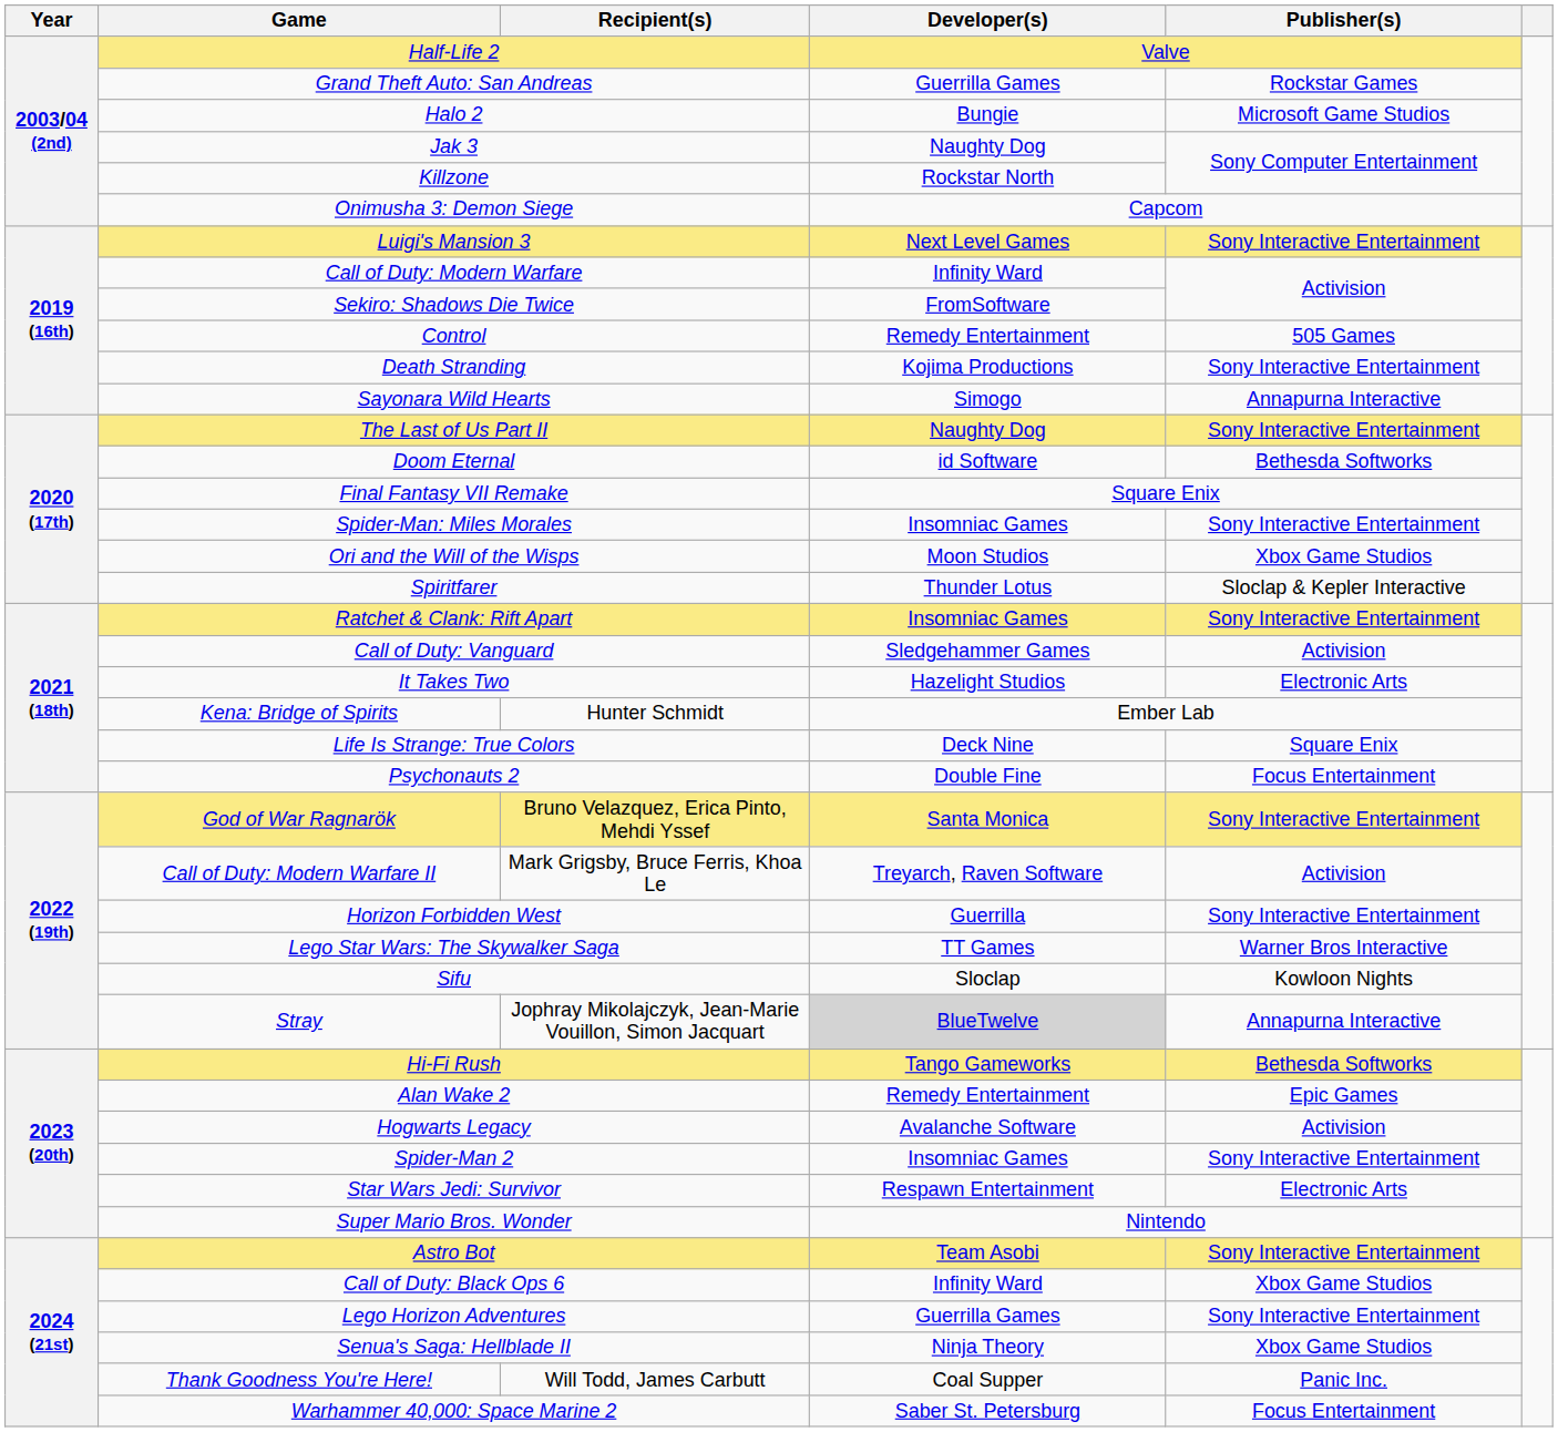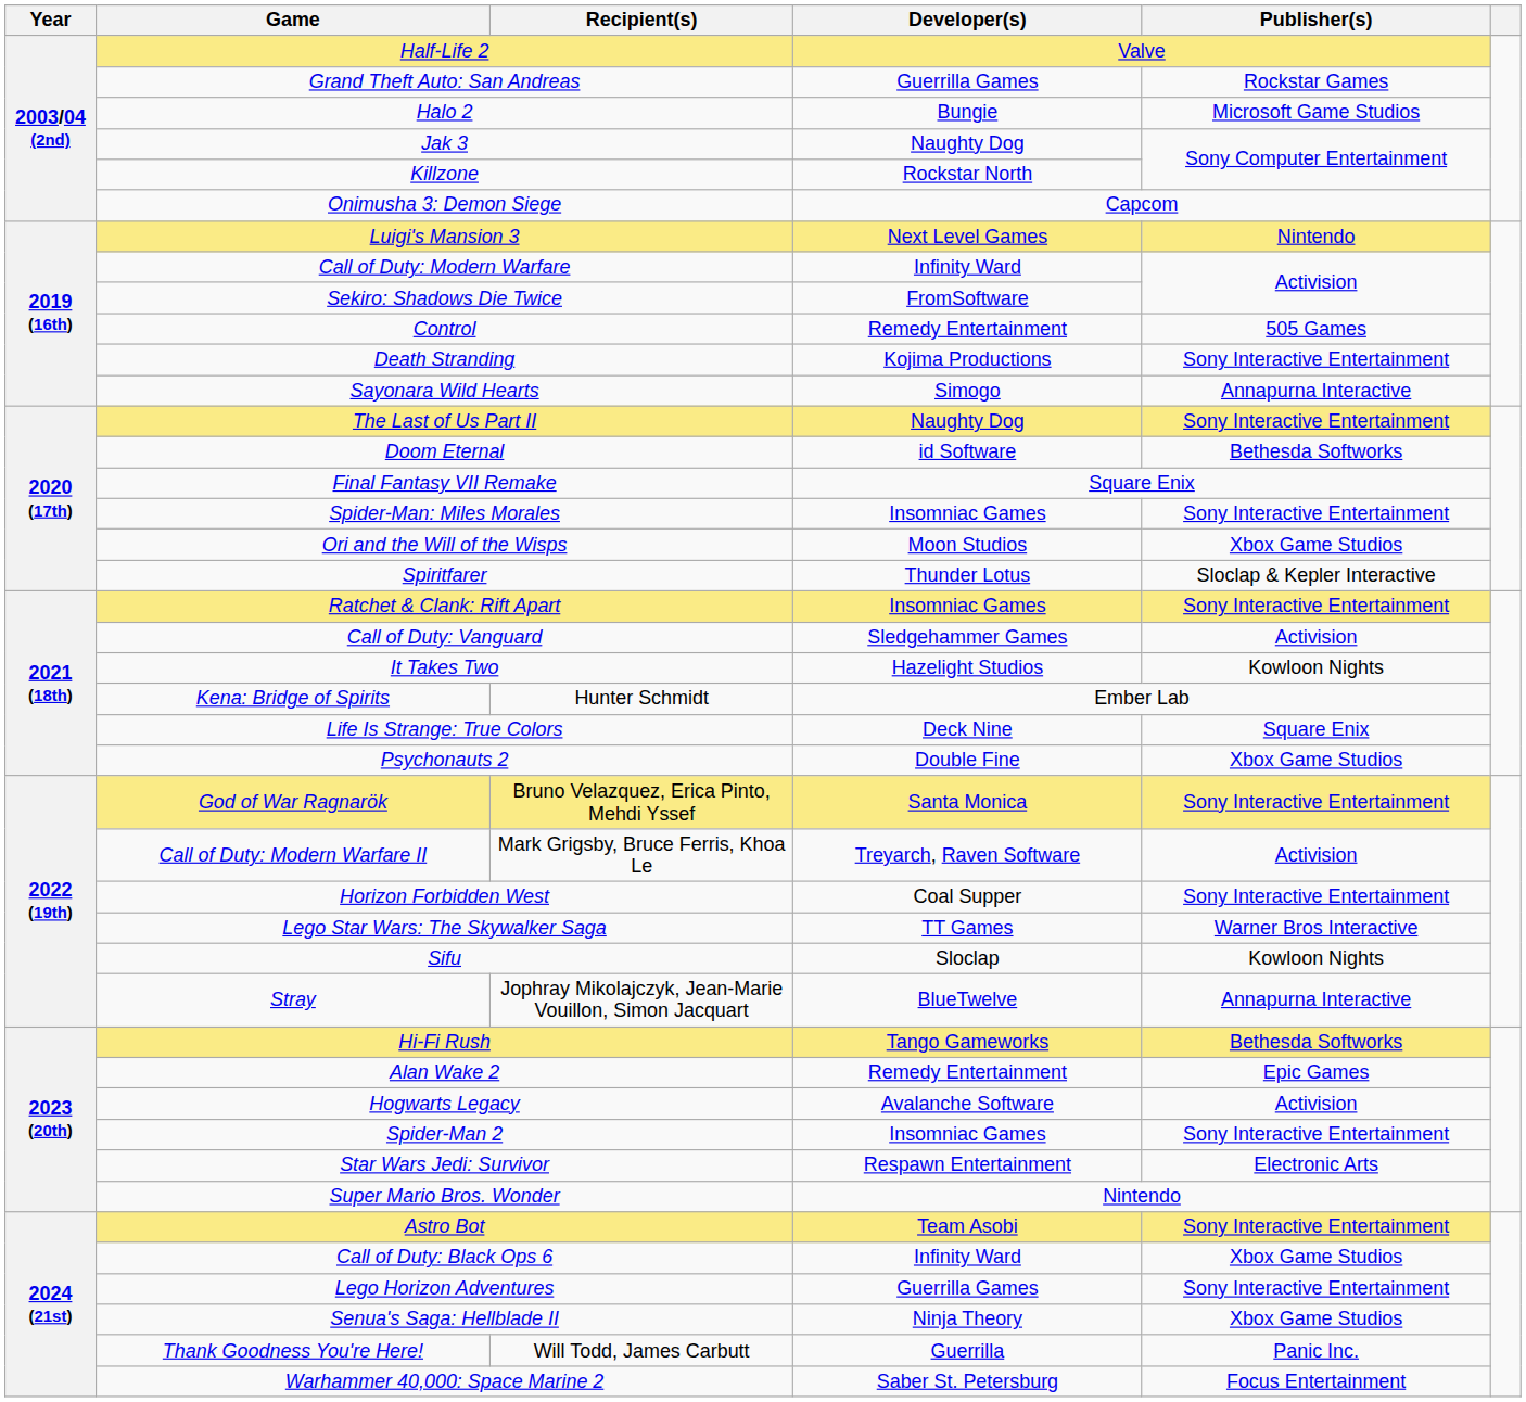 <table class="wikitable" rowspan=2 style="text-align: center;">
 <tr style="background:#bebebe;">
 <th scope="col" style="width:6%;">Year</th>
 <th scope="col" style="width:26%;">Game</th>
 <th scope="col" style="width:20%;">Recipient(s)</th>
 <th scope="col" style="width:23%;">Developer(s)</th>
 <th scope="col" style="width:23%;">Publisher(s)</th>
 <th scope="col" style="width:2%;" class="unsortable"></th>
 </tr>
 <tr>
 <th scope="row" rowspan="6" style="text-align:center"><a href='#'>2003</a>/<a href='#'>04</a> <br><small><a href='#'>(2nd)</a> </small></th>
 <td colspan="2" style="background:#FAEB86"><em><a href='#'>Half-Life 2</a></em></td>
 <td colspan="2" style="background:#FAEB86"><a href='#'>Valve</a></td>
 <td rowspan="6"></td>
 </tr>
 <tr>
 <td colspan="2"><em><a href='#'>Grand Theft Auto: San Andreas</a></em></td>
 <td><a href='#'>Guerrilla Games</a></td>
 <td><a href='#'>Rockstar Games</a></td>
 </tr>
 <tr>
 <td colspan="2"><em><a href='#'>Halo 2</a></em></td>
 <td><a href='#'>Bungie</a></td>
 <td><a href='#'>Microsoft Game Studios</a></td>
 </tr>
 <tr>
 <td colspan="2"><em><a href='#'>Jak 3</a></em></td>
 <td><a href='#'>Naughty Dog</a></td>
 <td rowspan="2"><a href='#'>Sony Computer Entertainment</a></td>
 </tr>
 <tr>
 <td colspan="2"><em><a href='#'>Killzone</a></em></td>
 <td><a href='#'>Rockstar North</a></td>
 </tr>
 <tr>
 <td colspan="2"><em><a href='#'>Onimusha 3: Demon Siege</a></em></td>
 <td colspan="2"><a href='#'>Capcom</a></td>
 </tr>
 <tr>
 <th rowspan="6"><a href='#'>2019</a><br><small>(<a href='#'>16th</a>)</small></th>
 <td colspan="2" style="background:#FAEB86"><em><a href='#'>Luigi's Mansion 3</a></em></td>
 <td style="background:#FAEB86"><a href='#'>Next Level Games</a></td>
-<td style="background:#FAEB86"><a href='#'>Sony Interactive Entertainment</a></td>
+<td style="background:#FAEB86"><a href='#'>Nintendo</a></td>
 <td rowspan="6"></td>
 </tr>
 <tr>
 <td colspan="2"><em><a href='#'>Call of Duty: Modern Warfare</a></em></td>
 <td><a href='#'>Infinity Ward</a></td>
 <td rowspan="2"><a href='#'>Activision</a></td>
 </tr>
 <tr>
 <td colspan="2"><em><a href='#'>Sekiro: Shadows Die Twice</a></em></td>
 <td><a href='#'>FromSoftware</a></td>
 </tr>
 <tr>
 <td colspan="2"><em><a href='#'>Control</a></em></td>
 <td><a href='#'>Remedy Entertainment</a></td>
 <td><a href='#'>505 Games</a></td>
 </tr>
 <tr>
 <td colspan="2"><em><a href='#'>Death Stranding</a></em></td>
 <td><a href='#'>Kojima Productions</a></td>
 <td><a href='#'>Sony Interactive Entertainment</a></td>
 </tr>
 <tr>
 <td colspan="2"><em><a href='#'>Sayonara Wild Hearts</a></em></td>
 <td><a href='#'>Simogo</a></td>
 <td><a href='#'>Annapurna Interactive</a></td>
 </tr>
 <tr>
 <th rowspan="6"><a href='#'>2020</a><br><small>(<a href='#'>17th</a>)</small></th>
 <td colspan="2" style="background:#FAEB86"><em><a href='#'>The Last of Us Part II</a></em></td>
 <td style="background:#FAEB86"><a href='#'>Naughty Dog</a></td>
 <td style="background:#FAEB86"><a href='#'>Sony Interactive Entertainment</a></td>
 <td rowspan="6"></td>
 </tr>
 <tr>
 <td colspan="2"><em><a href='#'>Doom Eternal</a></em></td>
 <td><a href='#'>id Software</a></td>
 <td><a href='#'>Bethesda Softworks</a></td>
 </tr>
 <tr>
 <td colspan="2"><em><a href='#'>Final Fantasy VII Remake</a></em></td>
 <td colspan="2"><a href='#'>Square Enix</a></td>
 </tr>
 <tr>
 <td colspan="2"><em><a href='#'>Spider-Man: Miles Morales</a></em></td>
 <td><a href='#'>Insomniac Games</a></td>
 <td><a href='#'>Sony Interactive Entertainment</a></td>
 </tr>
 <tr>
 <td colspan="2"><em><a href='#'>Ori and the Will of the Wisps</a></em></td>
 <td><a href='#'>Moon Studios</a></td>
 <td><a href='#'>Xbox Game Studios</a></td>
 </tr>
 <tr>
 <td colspan="2"><em><a href='#'>Spiritfarer</a></em></td>
 <td><a href='#'>Thunder Lotus</a></td>
 <td>Sloclap & Kepler Interactive</td>
 </tr>
 <tr>
 <th rowspan="6"><a href='#'>2021</a><br><small>(<a href='#'>18th</a>)</small></th>
 <td colspan="2" style="background:#FAEB86"><em><a href='#'>Ratchet & Clank: Rift Apart</a></em></td>
 <td style="background:#FAEB86"><a href='#'>Insomniac Games</a></td>
 <td style="background:#FAEB86"><a href='#'>Sony Interactive Entertainment</a></td>
 <td rowspan="6"></td>
 </tr>
 <tr>
 <td colspan="2"><em><a href='#'>Call of Duty: Vanguard</a></em></td>
 <td><a href='#'>Sledgehammer Games</a></td>
 <td><a href='#'>Activision</a></td>
 </tr>
 <tr>
 <td colspan="2"><em><a href='#'>It Takes Two</a></em></td>
 <td><a href='#'>Hazelight Studios</a></td>
-<td><a href='#'>Electronic Arts</a></td>
+<td>Kowloon Nights</td>
 </tr>
 <tr>
 <td><em><a href='#'>Kena: Bridge of Spirits</a></em></td>
 <td>Hunter Schmidt</td>
 <td colspan="2">Ember Lab</td>
 </tr>
 <tr>
 <td colspan="2"><em><a href='#'>Life Is Strange: True Colors</a></em></td>
 <td><a href='#'>Deck Nine</a></td>
 <td><a href='#'>Square Enix</a></td>
 </tr>
 <tr>
 <td colspan="2"><em><a href='#'>Psychonauts 2</a></em></td>
 <td><a href='#'>Double Fine</a></td>
-<td><a href='#'>Focus Entertainment</a></td>
+<td><a href='#'>Xbox Game Studios</a></td>
 </tr>
 <tr>
 <th rowspan="6"><a href='#'>2022</a><br><small>(<a href='#'>19th</a>)</small></th>
 <td style="background:#FAEB86"><em><a href='#'>God of War Ragnarök</a></em></td>
 <td style="background:#FAEB86">Bruno Velazquez, Erica Pinto, Mehdi Yssef</td>
 <td style="background:#FAEB86"><a href='#'>Santa Monica</a></td>
 <td style="background:#FAEB86"><a href='#'>Sony Interactive Entertainment</a></td>
 <td rowspan="6"></td>
 </tr>
 <tr>
 <td><em><a href='#'>Call of Duty: Modern Warfare II</a></em></td>
 <td>Mark Grigsby, Bruce Ferris, Khoa Le</td>
 <td><a href='#'>Treyarch</a>, <a href='#'>Raven Software</a></td>
 <td><a href='#'>Activision</a></td>
 </tr>
 <tr>
 <td colspan="2"><em><a href='#'>Horizon Forbidden West</a></em></td>
-<td><a href='#'>Guerrilla</a></td>
+<td>Coal Supper</td>
 <td><a href='#'>Sony Interactive Entertainment</a></td>
 </tr>
 <tr>
 <td colspan="2"><em><a href='#'>Lego Star Wars: The Skywalker Saga</a></em></td>
 <td><a href='#'>TT Games</a></td>
 <td><a href='#'>Warner Bros Interactive</a></td>
 </tr>
 <tr>
 <td colspan="2"><em><a href='#'>Sifu</a></em></td>
 <td>Sloclap</td>
 <td>Kowloon Nights</td>
 </tr>
 <tr>
 <td><em><a href='#'>Stray</a></em></td>
 <td>Jophray Mikolajczyk, Jean-Marie Vouillon, Simon Jacquart</td>
-<td style="background: lightgrey;"><a href='#'>BlueTwelve</a></td>
+<td><a href='#'>BlueTwelve</a></td>
 <td><a href='#'>Annapurna Interactive</a></td>
 </tr>
 <tr>
 <th rowspan="6"><a href='#'>2023</a><br><small>(<a href='#'>20th</a>)</small></th>
 <td colspan=2 style="background:#FAEB86"><em><a href='#'>Hi-Fi Rush</a></em></td>
 <td style="background:#FAEB86"><a href='#'>Tango Gameworks</a></td>
 <td style="background:#FAEB86"><a href='#'>Bethesda Softworks</a></td>
 <td rowspan="6"></td>
 </tr>
 <tr>
 <td colspan=2><em><a href='#'>Alan Wake 2</a></em></td>
 <td><a href='#'>Remedy Entertainment</a></td>
 <td><a href='#'>Epic Games</a></td>
 </tr>
 <tr>
 <td colspan=2><em><a href='#'>Hogwarts Legacy</a></em></td>
 <td><a href='#'>Avalanche Software</a></td>
 <td><a href='#'>Activision</a></td>
 </tr>
 <tr>
 <td colspan=2><em><a href='#'>Spider-Man 2</a></em></td>
 <td><a href='#'>Insomniac Games</a></td>
 <td><a href='#'>Sony Interactive Entertainment</a></td>
 </tr>
 <tr>
 <td colspan=2><em><a href='#'>Star Wars Jedi: Survivor</a></em></td>
 <td><a href='#'>Respawn Entertainment</a></td>
 <td><a href='#'>Electronic Arts</a></td>
 </tr>
 <tr>
 <td colspan=2><em><a href='#'>Super Mario Bros. Wonder</a></em></td>
 <td colspan=2><a href='#'>Nintendo</a></td>
 </tr>
 <tr>
 <th rowspan="6"><a href='#'>2024</a><br><small>(<a href='#'>21st</a>)</small></th>
 <td colspan="2" style="background:#FAEB86"><em><a href='#'>Astro Bot</a></em></td>
 <td style="background:#FAEB86"><a href='#'>Team Asobi</a></td>
 <td style="background:#FAEB86"><a href='#'>Sony Interactive Entertainment</a></td>
 <td rowspan="6"></td>
 </tr>
 <tr>
 <td colspan="2"><em><a href='#'>Call of Duty: Black Ops 6</a></em></td>
 <td><a href='#'>Infinity Ward</a></td>
 <td><a href='#'>Xbox Game Studios</a></td>
 </tr>
 <tr>
 <td colspan="2"><em><a href='#'>Lego Horizon Adventures</a></em></td>
 <td><a href='#'>Guerrilla Games</a></td>
 <td><a href='#'>Sony Interactive Entertainment</a></td>
 </tr>
 <tr>
 <td colspan="2"><em><a href='#'>Senua's Saga: Hellblade II</a></em></td>
 <td><a href='#'>Ninja Theory</a></td>
 <td><a href='#'>Xbox Game Studios</a></td>
 </tr>
 <tr>
 <td><em><a href='#'>Thank Goodness You're Here!</a></em></td>
 <td>Will Todd, James Carbutt</td>
-<td>Coal Supper</td>
+<td><a href='#'>Guerrilla</a></td>
 <td><a href='#'>Panic Inc.</a></td>
 </tr>
 <tr>
 <td colspan="2"><em><a href='#'>Warhammer 40,000: Space Marine 2</a></em></td>
 <td><a href='#'>Saber St. Petersburg</a></td>
 <td><a href='#'>Focus Entertainment</a></td>
 </tr>
 </table>
